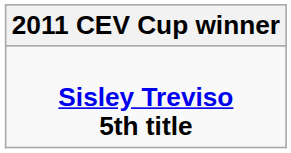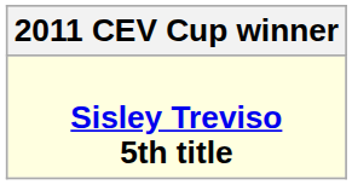 <table class=wikitable style="text-align:center; margin:auto">
 <tr>
 <th>2011 CEV Cup winner</th>
 </tr>
 <tr>
-<td><br><strong><a href='#'>Sisley Treviso</a></strong><br> <strong>5th title</strong></td>
+<td style="background: lightyellow;"><br><strong><a href='#'>Sisley Treviso</a></strong><br> <strong>5th title</strong></td>
 </tr>
 </table>
